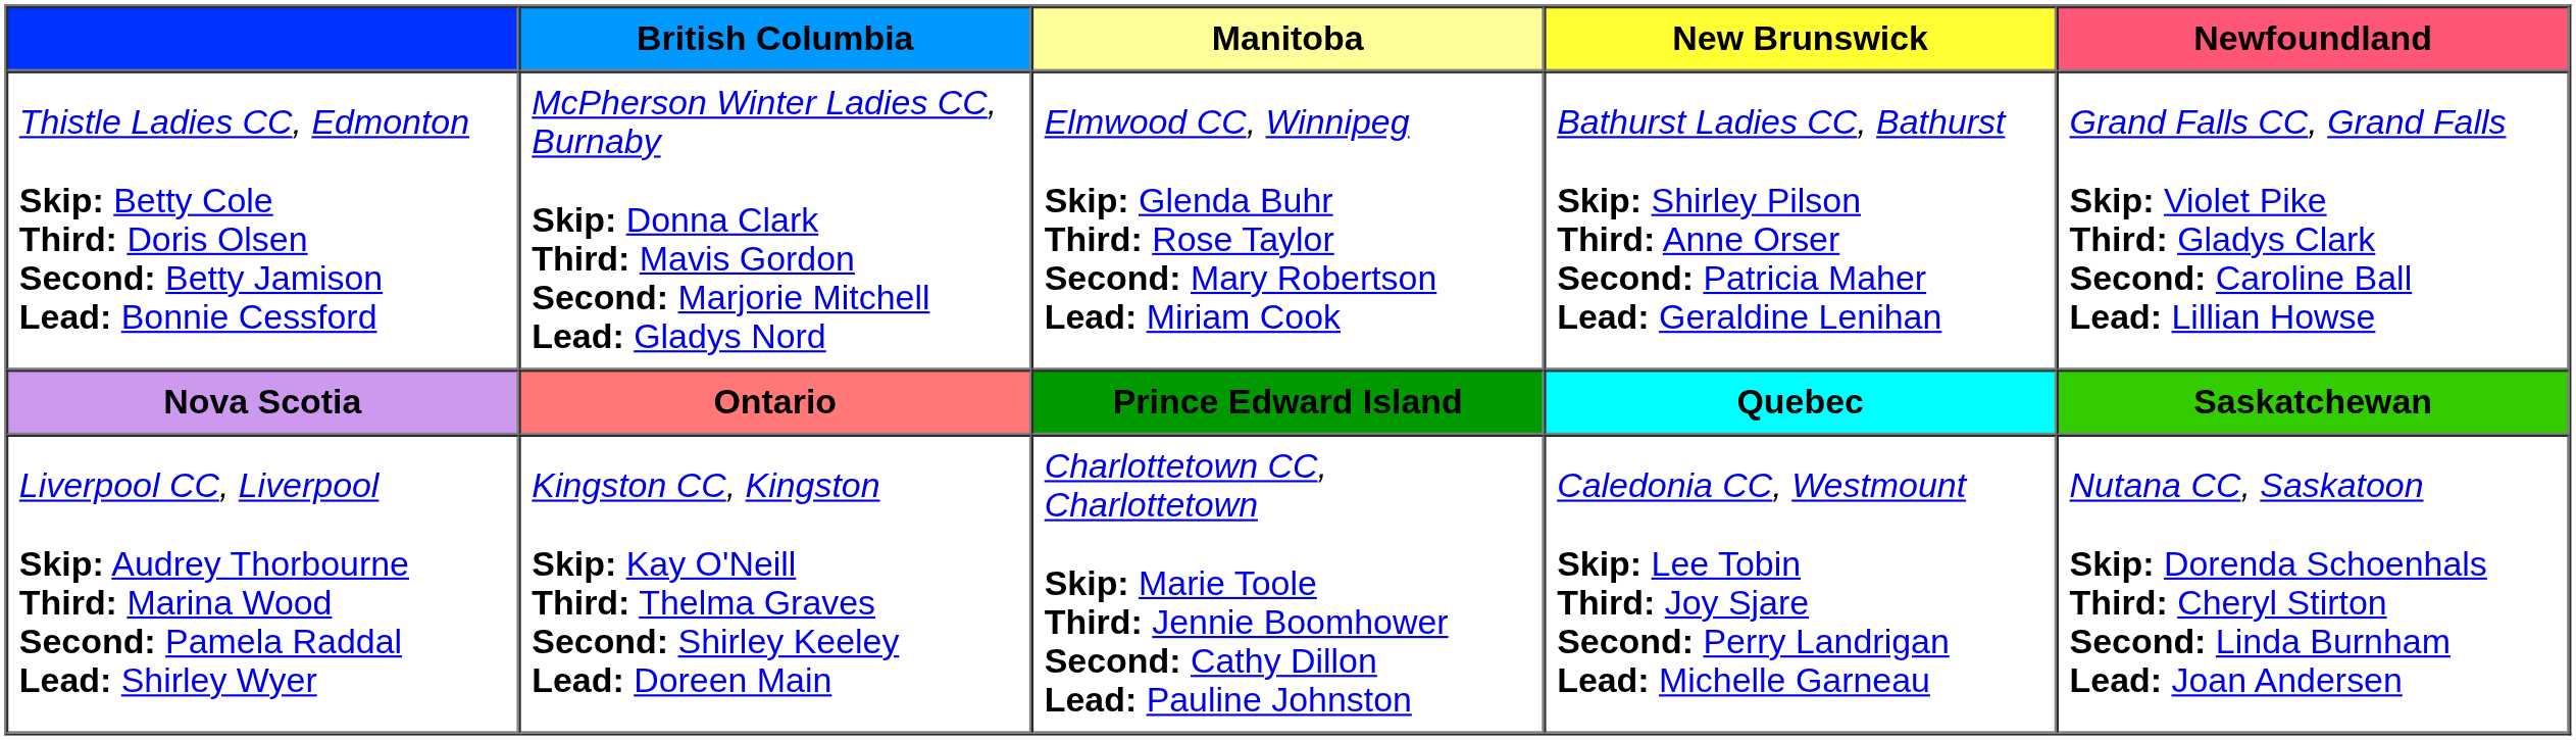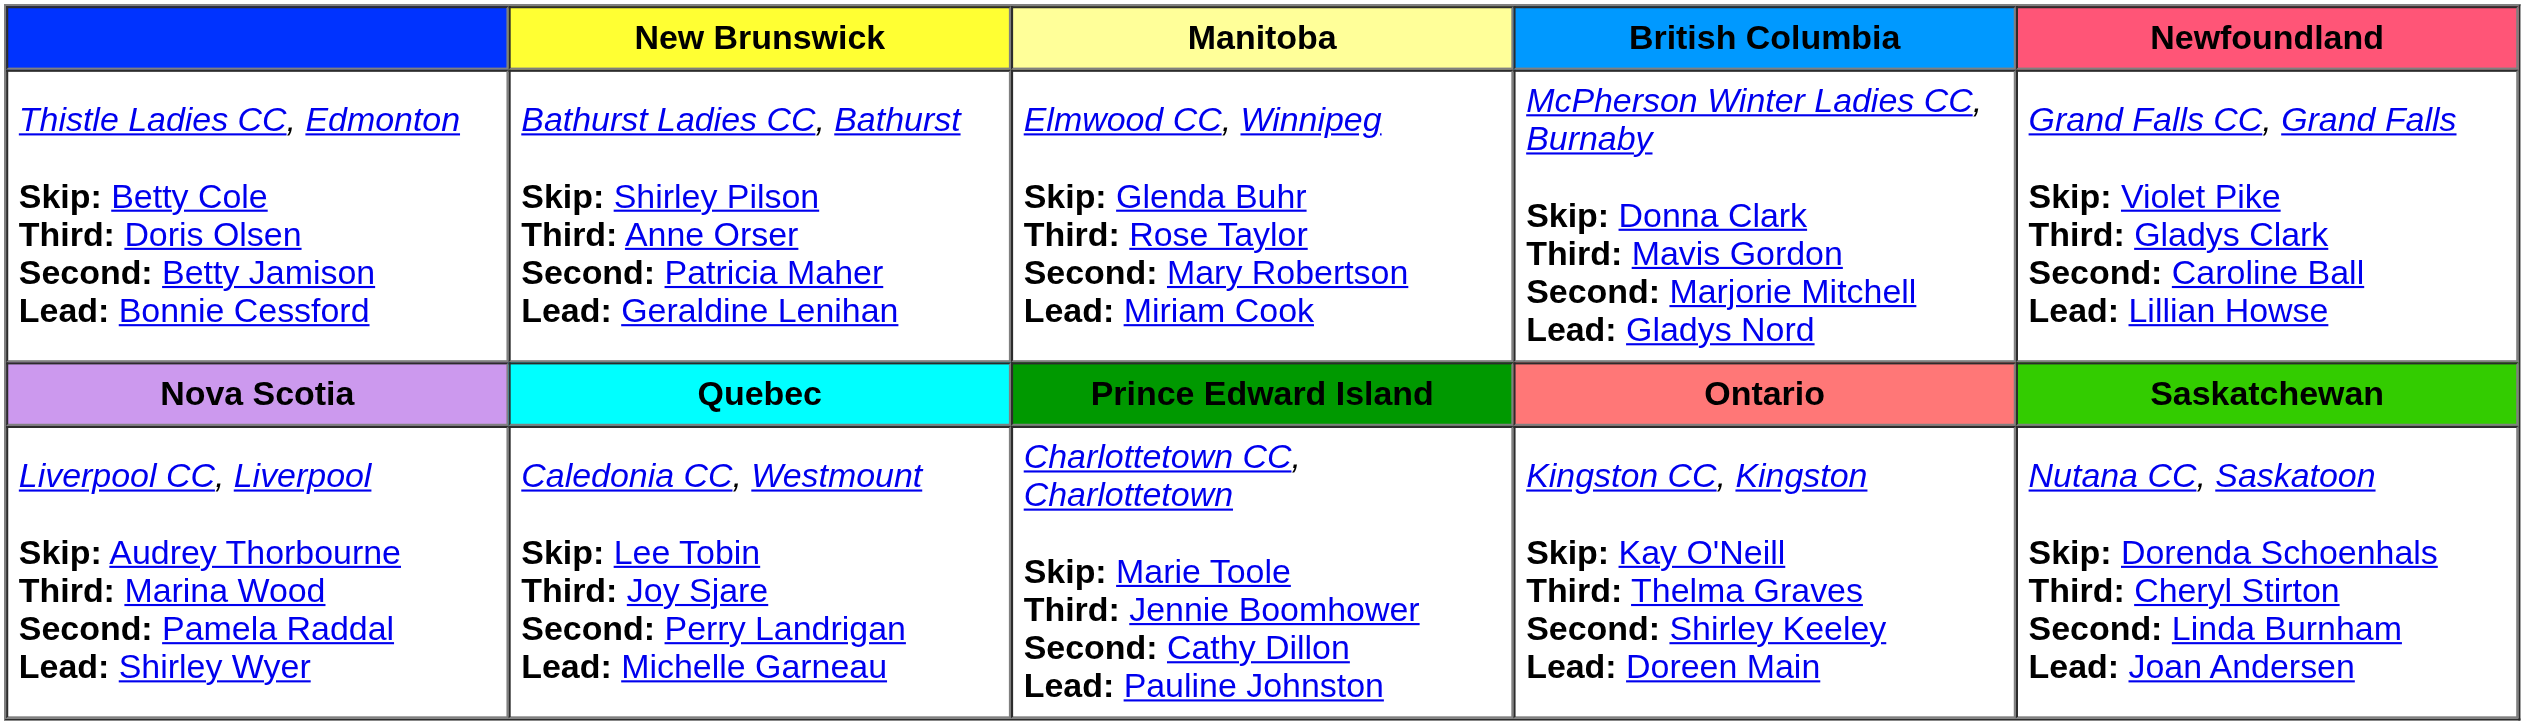 <table border=1 cellpadding=5 cellspacing=0>
 <tr>
 <th bgcolor="#0033ff" width="225"></th>
+<th bgcolor="#ffff33" width="225">New Brunswick</th>
+<th bgcolor="#ffff99" width="225">Manitoba</th>
 <th bgcolor="#0099ff" width="225">British Columbia</th>
-<th bgcolor="#ffff99" width="225">Manitoba</th>
-<th bgcolor="#ffff33" width="225">New Brunswick</th>
 <th bgcolor="#ff5577" width="225">Newfoundland</th>
 </tr>
 <tr>
 <td><em><a href='#'>Thistle Ladies CC</a>, <a href='#'>Edmonton</a></em> <br><br><strong>Skip:</strong> <a href='#'>Betty Cole</a> <br> <strong>Third:</strong> <a href='#'>Doris Olsen</a> <br> <strong>Second:</strong> <a href='#'>Betty Jamison</a> <br> <strong>Lead:</strong> <a href='#'>Bonnie Cessford</a></td>
+<td><em><a href='#'>Bathurst Ladies CC</a>, <a href='#'>Bathurst</a></em> <br><br><strong>Skip:</strong> <a href='#'>Shirley Pilson</a> <br> <strong>Third:</strong> <a href='#'>Anne Orser</a> <br> <strong>Second:</strong> <a href='#'>Patricia Maher</a> <br> <strong>Lead:</strong> <a href='#'>Geraldine Lenihan</a></td>
+<td><em><a href='#'>Elmwood CC</a>, <a href='#'>Winnipeg</a></em> <br><br><strong>Skip:</strong> <a href='#'>Glenda Buhr</a> <br> <strong>Third:</strong> <a href='#'>Rose Taylor</a> <br> <strong>Second:</strong> <a href='#'>Mary Robertson</a> <br> <strong>Lead:</strong> <a href='#'>Miriam Cook</a></td>
 <td><em><a href='#'>McPherson Winter Ladies CC</a>, <a href='#'>Burnaby</a></em> <br><br><strong>Skip:</strong>  <a href='#'>Donna Clark</a> <br> <strong>Third:</strong>  <a href='#'>Mavis Gordon</a> <br> <strong>Second:</strong>  <a href='#'>Marjorie Mitchell</a> <br> <strong>Lead:</strong> <a href='#'>Gladys Nord</a></td>
-<td><em><a href='#'>Elmwood CC</a>, <a href='#'>Winnipeg</a></em> <br><br><strong>Skip:</strong> <a href='#'>Glenda Buhr</a> <br> <strong>Third:</strong> <a href='#'>Rose Taylor</a> <br> <strong>Second:</strong> <a href='#'>Mary Robertson</a> <br> <strong>Lead:</strong> <a href='#'>Miriam Cook</a></td>
-<td><em><a href='#'>Bathurst Ladies CC</a>, <a href='#'>Bathurst</a></em> <br><br><strong>Skip:</strong> <a href='#'>Shirley Pilson</a> <br> <strong>Third:</strong> <a href='#'>Anne Orser</a> <br> <strong>Second:</strong> <a href='#'>Patricia Maher</a> <br> <strong>Lead:</strong> <a href='#'>Geraldine Lenihan</a></td>
 <td><em><a href='#'>Grand Falls CC</a>, <a href='#'>Grand Falls</a></em> <br><br><strong>Skip:</strong> <a href='#'>Violet Pike</a> <br> <strong>Third:</strong> <a href='#'>Gladys Clark</a> <br> <strong>Second:</strong> <a href='#'>Caroline Ball</a> <br> <strong>Lead:</strong> <a href='#'>Lillian Howse</a></td>
 </tr>
 <tr border=1 cellpadding=5 cellspacing=0>
 <th bgcolor="#cc99ee" width="200">Nova Scotia</th>
+<th bgcolor="#00ffff" width="200">Quebec</th>
+<th bgcolor="#009900" width="200">Prince Edward Island</th>
 <th bgcolor="#ff7777" width="200">Ontario</th>
-<th bgcolor="#009900" width="200">Prince Edward Island</th>
-<th bgcolor="#00ffff" width="200">Quebec</th>
 <th bgcolor="#33cc00" width="200">Saskatchewan</th>
 </tr>
 <tr>
 <td><em><a href='#'>Liverpool CC</a>, <a href='#'>Liverpool</a></em> <br><br><strong>Skip:</strong> <a href='#'>Audrey Thorbourne</a> <br> <strong>Third:</strong> <a href='#'>Marina Wood</a> <br> <strong>Second:</strong> <a href='#'>Pamela Raddal</a> <br> <strong>Lead:</strong> <a href='#'>Shirley Wyer</a></td>
+<td><em><a href='#'>Caledonia CC</a>, <a href='#'>Westmount</a></em> <br><br><strong>Skip:</strong> <a href='#'>Lee Tobin</a> <br> <strong>Third:</strong> <a href='#'>Joy Sjare</a> <br> <strong>Second:</strong> <a href='#'>Perry Landrigan</a> <br> <strong>Lead:</strong> <a href='#'>Michelle Garneau</a></td>
+<td><em><a href='#'>Charlottetown CC</a>, <a href='#'>Charlottetown</a></em> <br><br><strong>Skip:</strong> <a href='#'>Marie Toole</a><br> <strong>Third:</strong> <a href='#'>Jennie Boomhower</a><br> <strong>Second:</strong> <a href='#'>Cathy Dillon</a><br> <strong>Lead:</strong> <a href='#'>Pauline Johnston</a></td>
 <td><em><a href='#'>Kingston CC</a>, <a href='#'>Kingston</a></em> <br><br><strong>Skip:</strong> <a href='#'>Kay O'Neill</a> <br> <strong>Third:</strong> <a href='#'>Thelma Graves</a> <br> <strong>Second:</strong> <a href='#'>Shirley Keeley</a> <br> <strong>Lead:</strong> <a href='#'>Doreen Main</a></td>
-<td><em><a href='#'>Charlottetown CC</a>, <a href='#'>Charlottetown</a></em> <br><br><strong>Skip:</strong> <a href='#'>Marie Toole</a><br> <strong>Third:</strong> <a href='#'>Jennie Boomhower</a><br> <strong>Second:</strong> <a href='#'>Cathy Dillon</a><br> <strong>Lead:</strong> <a href='#'>Pauline Johnston</a></td>
-<td><em><a href='#'>Caledonia CC</a>, <a href='#'>Westmount</a></em> <br><br><strong>Skip:</strong> <a href='#'>Lee Tobin</a> <br> <strong>Third:</strong> <a href='#'>Joy Sjare</a> <br> <strong>Second:</strong> <a href='#'>Perry Landrigan</a> <br> <strong>Lead:</strong> <a href='#'>Michelle Garneau</a></td>
 <td><em><a href='#'>Nutana CC</a>, <a href='#'>Saskatoon</a></em> <br><br><strong>Skip:</strong> <a href='#'>Dorenda Schoenhals</a> <br> <strong>Third:</strong> <a href='#'>Cheryl Stirton</a><br> <strong>Second:</strong> <a href='#'>Linda Burnham</a><br> <strong>Lead:</strong> <a href='#'>Joan Andersen</a></td>
 </tr>
 </table>
